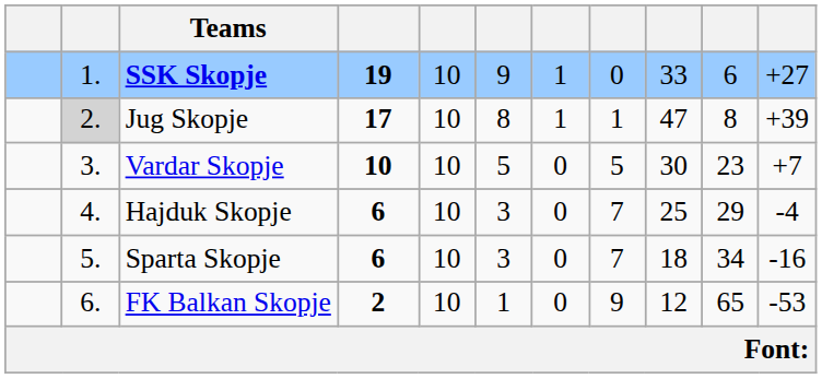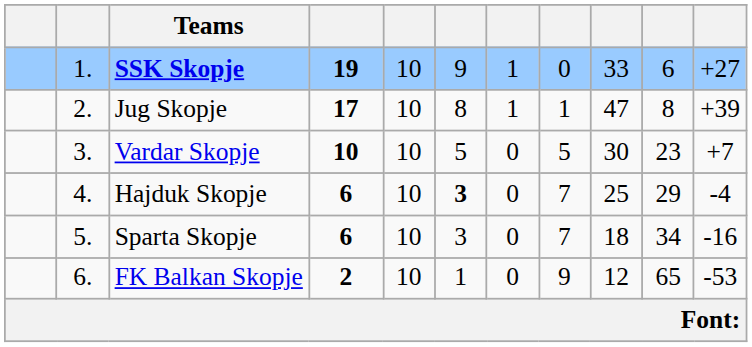 <table class="wikitable sortable" style="text-align: center; font-size: 90%;">
 <tr>
 <th width=7%></th>
 <th width=7%></th>
 <th width=27%>Teams</th>
 <th width=10%></th>
 <th width=7%></th>
 <th width=7%></th>
 <th width=7%></th>
 <th width=7%></th>
 <th width=7%></th>
 <th width=7%></th>
 <th width=7%></th>
 </tr>
 <tr style=background:#99CBFF;>
 <td></td>
 <td>1.</td>
 <td style="text-align:left;"><strong><a href='#'>SSK Skopje</a></strong></td>
 <td><strong>19</strong></td>
 <td>10</td>
 <td>9</td>
 <td>1</td>
 <td>0</td>
 <td>33</td>
 <td>6</td>
 <td>+27</td>
 </tr>
 <tr>
 <td></td>
-<td style="background: lightgrey;">2.</td>
+<td>2.</td>
 <td style="text-align:left;">Jug Skopje</td>
 <td><strong>17</strong></td>
 <td>10</td>
 <td>8</td>
 <td>1</td>
 <td>1</td>
 <td>47</td>
 <td>8</td>
 <td>+39</td>
 </tr>
 <tr>
 <td></td>
 <td>3.</td>
 <td style="text-align:left;"><a href='#'> Vardar Skopje</a></td>
 <td><strong>10</strong></td>
 <td>10</td>
 <td>5</td>
 <td>0</td>
 <td>5</td>
 <td>30</td>
 <td>23</td>
 <td>+7</td>
 </tr>
 <tr>
 <td></td>
 <td>4.</td>
 <td style="text-align:left;">Hajduk Skopje</td>
 <td><strong>6</strong></td>
 <td>10</td>
-<td>3</td>
+<td><strong>3</strong></td>
 <td>0</td>
 <td>7</td>
 <td>25</td>
 <td>29</td>
 <td>-4</td>
 </tr>
 <tr>
 <td></td>
 <td>5.</td>
 <td style="text-align:left;">Sparta Skopje</td>
 <td><strong>6</strong></td>
 <td>10</td>
 <td>3</td>
 <td>0</td>
 <td>7</td>
 <td>18</td>
 <td>34</td>
 <td>-16</td>
 </tr>
 <tr>
 <td></td>
 <td>6.</td>
 <td style="text-align:left;"><a href='#'>FK Balkan Skopje</a></td>
 <td><strong>2</strong></td>
 <td>10</td>
 <td>1</td>
 <td>0</td>
 <td>9</td>
 <td>12</td>
 <td>65</td>
 <td>-53</td>
 </tr>
 <tr>
 <th colspan="11" style="text-align: right;">Font: </th>
 </tr>
 </table>
